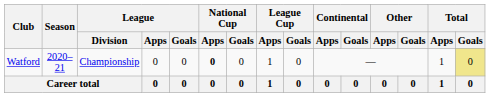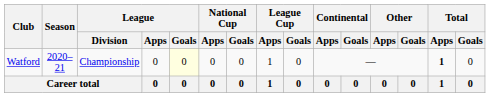 <table class="wikitable" style="text-align:center">
 <tr>
 <th rowspan="2">Club</th>
 <th rowspan="2">Season</th>
 <th colspan="3">League</th>
 <th colspan="2">National Cup</th>
 <th colspan="2">League Cup</th>
 <th colspan="2">Continental</th>
 <th colspan="2">Other</th>
 <th colspan="2">Total</th>
 </tr>
 <tr>
 <th>Division</th>
 <th>Apps</th>
 <th>Goals</th>
 <th>Apps</th>
 <th>Goals</th>
 <th>Apps</th>
 <th>Goals</th>
 <th>Apps</th>
 <th>Goals</th>
 <th>Apps</th>
 <th>Goals</th>
 <th>Apps</th>
 <th>Goals</th>
 </tr>
 <tr>
 <td><a href='#'>Watford</a></td>
 <td><a href='#'>2020–21</a></td>
 <td><a href='#'>Championship</a></td>
 <td>0</td>
+<td style="background: lightyellow;">0</td>
 <td>0</td>
-<td><strong>0</strong></td>
 <td>0</td>
 <td>1</td>
 <td>0</td>
 <td colspan=4>—</td>
-<td>1</td>
-<td style="background: khaki;">0</td>
+<td><strong>1</strong></td>
+<td>0</td>
 </tr>
 <tr>
 <th colspan="3">Career total</th>
 <th>0</th>
 <th>0</th>
 <th>0</th>
 <th>0</th>
 <th>1</th>
 <th>0</th>
 <th>0</th>
 <th>0</th>
 <th>0</th>
 <th>0</th>
 <th>1</th>
 <th>0</th>
 </tr>
 </table>
